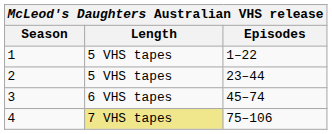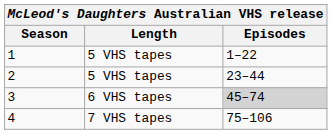 <table class="wikitable" style="font-size: 95%;">
 <tr>
 <th colspan="3"><em>McLeod's Daughters</em> Australian VHS release</th>
 </tr>
 <tr>
 <th>Season</th>
 <th>Length</th>
 <th>Episodes</th>
 </tr>
 <tr>
 <td>1</td>
 <td>5 VHS tapes</td>
 <td>1–22</td>
 </tr>
 <tr>
 <td>2</td>
 <td>5 VHS tapes</td>
 <td>23–44</td>
 </tr>
 <tr>
 <td>3</td>
 <td>6 VHS tapes</td>
-<td>45–74</td>
+<td style="background: lightgrey;">45–74</td>
 </tr>
 <tr>
 <td>4</td>
-<td style="background: khaki;">7 VHS tapes</td>
+<td>7 VHS tapes</td>
 <td>75–106</td>
 </tr>
 </table>
